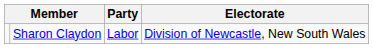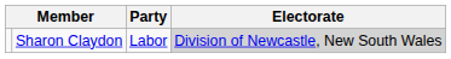 <table class="wikitable">
 <tr>
 <th colspan="2">Member</th>
 <th>Party</th>
 <th>Electorate</th>
 </tr>
 <tr>
 <td></td>
 <td><a href='#'>Sharon Claydon</a></td>
 <td><a href='#'>Labor</a></td>
-<td><a href='#'>Division of Newcastle</a>, New South Wales</td>
+<td style="background: lightgrey;"><a href='#'>Division of Newcastle</a>, New South Wales</td>
 </tr>
 </table>
